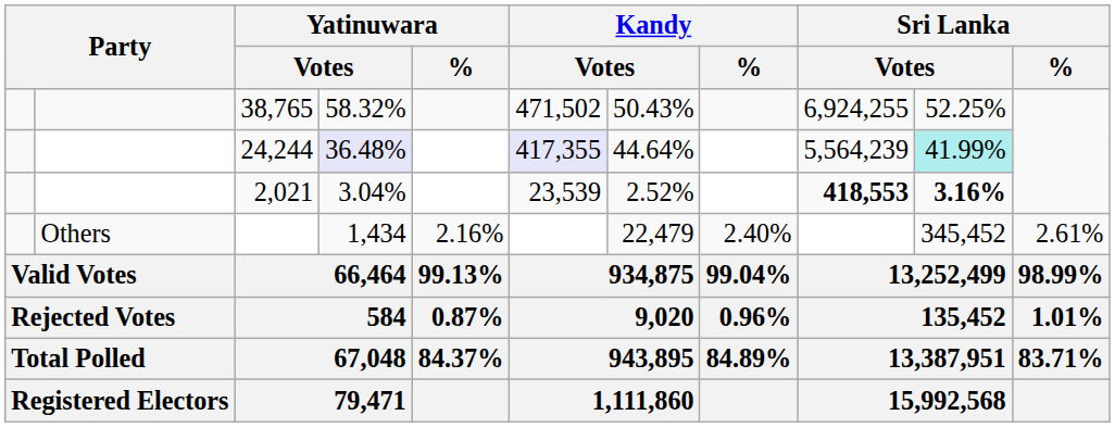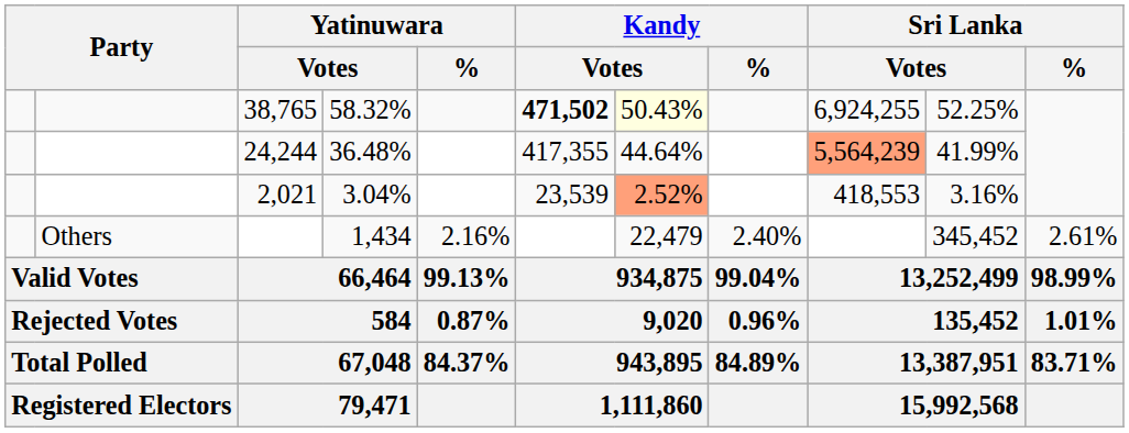 <table class="wikitable">
 <tr>
 <th colspan="2"  rowspan="2">Party</th>
 <th colspan="3">Yatinuwara</th>
 <th colspan="3"><a href='#'>Kandy</a></th>
 <th colspan="3">Sri Lanka</th>
 </tr>
 <tr>
 <th colspan="2">Votes</th>
 <th>%</th>
 <th colspan="2">Votes</th>
 <th>%</th>
 <th colspan="2">Votes</th>
 <th>%</th>
 </tr>
 <tr>
 <td></td>
 <td style="background-color:"></td>
 <td style="text-align:right;">38,765</td>
 <td style="text-align:right;">58.32%</td>
 <td style="background-color:"></td>
-<td style="text-align:right;">471,502</td>
-<td style="text-align:right;">50.43%</td>
+<td style="text-align:right;"><strong>471,502</strong></td>
+<td style="background: lightyellow; text-align:right;">50.43%</td>
 <td style="background-color:"></td>
 <td style="text-align:right;">6,924,255</td>
 <td style="text-align:right;">52.25%</td>
 </tr>
 <tr>
 <td></td>
 <td style="background-color:white;"></td>
 <td style="text-align:right;">24,244</td>
-<td style="background: lavender; text-align:right;">36.48%</td>
+<td style="text-align:right;">36.48%</td>
 <td style="background-color:white;"></td>
-<td style="background: lavender; text-align:right;">417,355</td>
+<td style="text-align:right;">417,355</td>
 <td style="text-align:right;">44.64%</td>
 <td style="background-color:white;"></td>
-<td style="text-align:right;">5,564,239</td>
-<td style="background: paleturquoise; text-align:right;">41.99%</td>
+<td style="background: lightsalmon; text-align:right;">5,564,239</td>
+<td style="text-align:right;">41.99%</td>
 </tr>
 <tr>
 <td></td>
 <td style="background-color:white;"></td>
 <td style="text-align:right;">2,021</td>
 <td style="text-align:right;">3.04%</td>
 <td style="background-color:white;"></td>
 <td style="text-align:right;">23,539</td>
-<td style="text-align:right;">2.52%</td>
+<td style="background: lightsalmon; text-align:right;">2.52%</td>
 <td style="background-color:white;"></td>
-<td style="text-align:right;"><strong>418,553</strong></td>
-<td style="text-align:right;"><strong>3.16%</strong></td>
+<td style="text-align:right;">418,553</td>
+<td style="text-align:right;">3.16%</td>
 </tr>
 <tr>
 <td style="background-color:"></td>
 <td style="text-align:left;">Others</td>
 <td style="background-color:white;"></td>
 <td style="text-align:right;">1,434</td>
 <td style="text-align:right;">2.16%</td>
 <td style="background-color:white;"></td>
 <td style="text-align:right;">22,479</td>
 <td style="text-align:right;">2.40%</td>
 <td style="background-color:white;"></td>
 <td style="text-align:right;">345,452</td>
 <td style="text-align:right;">2.61%</td>
 </tr>
 <tr>
 <th colspan="2" style="text-align:left;">Valid Votes</th>
 <th style="text-align:right;"colspan="2">66,464</th>
 <th style="text-align:right;">99.13%</th>
 <th style="text-align:right;"colspan="2">934,875</th>
 <th style="text-align:right;">99.04%</th>
 <th style="text-align:right;"colspan="2">13,252,499</th>
 <th style="text-align:right;">98.99%</th>
 </tr>
 <tr>
 <th colspan="2" style="text-align:left;">Rejected Votes</th>
 <th style="text-align:right;"colspan="2">584</th>
 <th style="text-align:right;">0.87%</th>
 <th style="text-align:right;"colspan="2">9,020</th>
 <th style="text-align:right;">0.96%</th>
 <th style="text-align:right;"colspan="2">135,452</th>
 <th style="text-align:right;">1.01%</th>
 </tr>
 <tr>
 <th colspan="2" style="text-align:left;">Total Polled</th>
 <th style="text-align:right;"colspan="2">67,048</th>
 <th style="text-align:right;">84.37%</th>
 <th style="text-align:right;"colspan="2">943,895</th>
 <th style="text-align:right;">84.89%</th>
 <th style="text-align:right;"colspan="2">13,387,951</th>
 <th style="text-align:right;">83.71%</th>
 </tr>
 <tr>
 <th colspan="2" style="text-align:left;">Registered Electors</th>
 <th style="text-align:right;"colspan="2">79,471</th>
 <th></th>
 <th style="text-align:right;"colspan="2">1,111,860</th>
 <th></th>
 <th style="text-align:right;"colspan="2">15,992,568</th>
 <th></th>
 </tr>
 </table>
